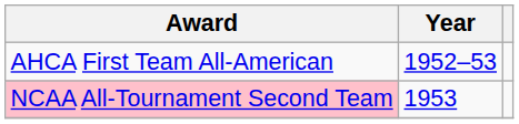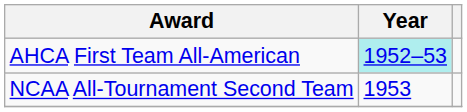 <table class="wikitable">
 <tr>
 <th>Award</th>
 <th>Year</th>
 <th></th>
 </tr>
 <tr>
 <td><a href='#'>AHCA</a> <a href='#'>First Team All-American</a></td>
-<td><a href='#'>1952–53</a></td>
+<td style="background: paleturquoise;"><a href='#'>1952–53</a></td>
 <td></td>
 </tr>
 <tr>
-<td style="background: pink;"><a href='#'>NCAA</a> <a href='#'>All-Tournament Second Team</a></td>
+<td><a href='#'>NCAA</a> <a href='#'>All-Tournament Second Team</a></td>
 <td><a href='#'>1953</a></td>
 <td></td>
 </tr>
 <tr>
 </tr>
 </table>
